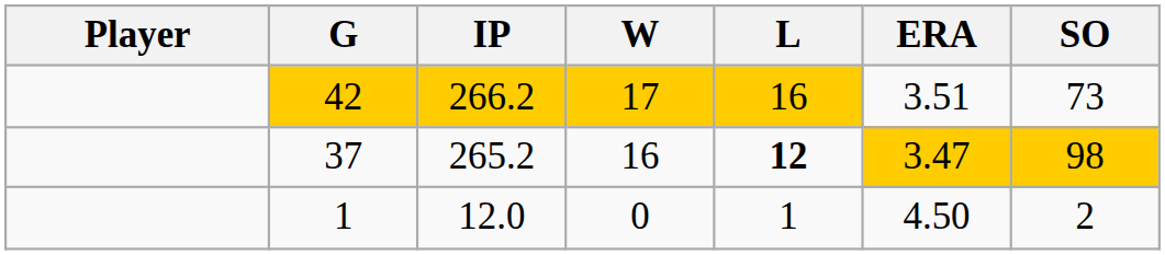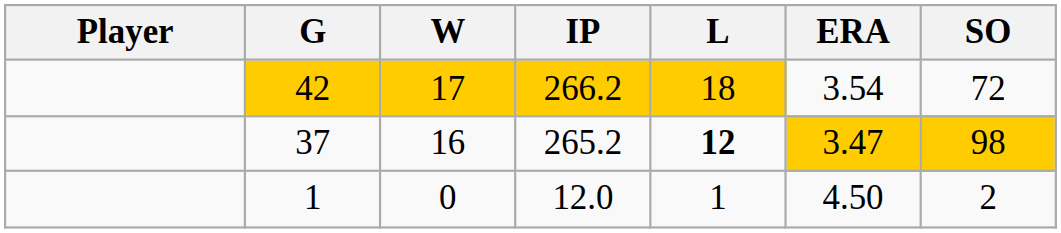 <table class="wikitable sortable">
 <tr>
 <th bgcolor="#DDDDFF" width="16%">Player</th>
 <th bgcolor="#DDDDFF" width="9%">G</th>
+<th bgcolor="#DDDDFF" width="9%">W</th>
 <th bgcolor="#DDDDFF" width="9%">IP</th>
-<th bgcolor="#DDDDFF" width="9%">W</th>
 <th bgcolor="#DDDDFF" width="9%">L</th>
 <th bgcolor="#DDDDFF" width="9%">ERA</th>
 <th bgcolor="#DDDDFF" width="9%">SO</th>
 </tr>
 <tr align="center">
 <td></td>
 <td style="background:#fc0;">42</td>
+<td style="background:#fc0;">17</td>
 <td style="background:#fc0;">266.2</td>
-<td style="background:#fc0;">17</td>
-<td style="background:#fc0;">16</td>
-<td>3.51</td>
-<td>73</td>
+<td style="background:#fc0;">18</td>
+<td>3.54</td>
+<td>72</td>
 </tr>
 <tr align="center">
 <td></td>
 <td>37</td>
+<td>16</td>
 <td>265.2</td>
-<td>16</td>
 <td><strong>12</strong></td>
 <td style="background:#fc0;">3.47</td>
 <td style="background:#fc0;">98</td>
 </tr>
 <tr align="center">
 <td></td>
 <td>1</td>
+<td>0</td>
 <td>12.0</td>
-<td>0</td>
 <td>1</td>
 <td>4.50</td>
 <td>2</td>
 </tr>
 </table>
